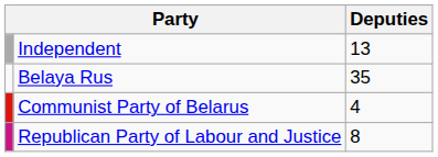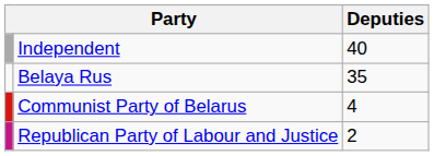 <table class="wikitable">
 <tr>
 <th colspan=2>Party</th>
 <th>Deputies</th>
 </tr>
 <tr>
 <td style="background:#AAAAAA"></td>
 <td><a href='#'>Independent</a></td>
-<td>13</td>
+<td>40</td>
 </tr>
 <tr>
 <td style="background:"></td>
 <td><a href='#'>Belaya Rus</a></td>
 <td>35</td>
 </tr>
 <tr>
 <td style="background:#DB140D"></td>
 <td><a href='#'>Communist Party of Belarus</a></td>
 <td>4</td>
 </tr>
 <tr>
 <td style="background:#C71585"></td>
 <td><a href='#'>Republican Party of Labour and Justice</a></td>
-<td>8</td>
+<td>2</td>
 </tr>
 </table>
